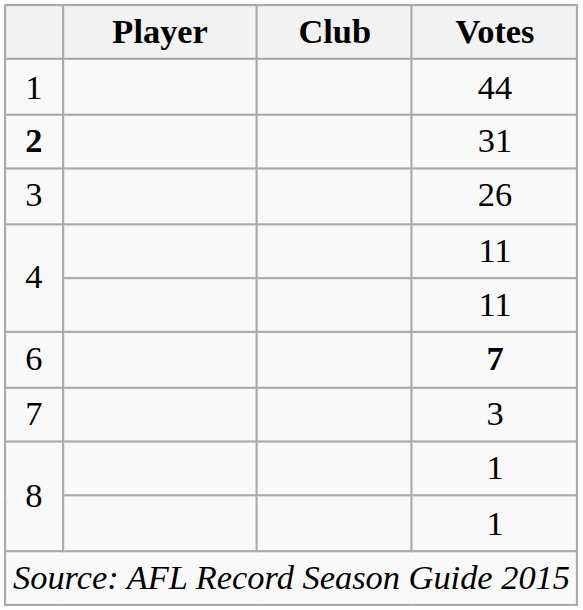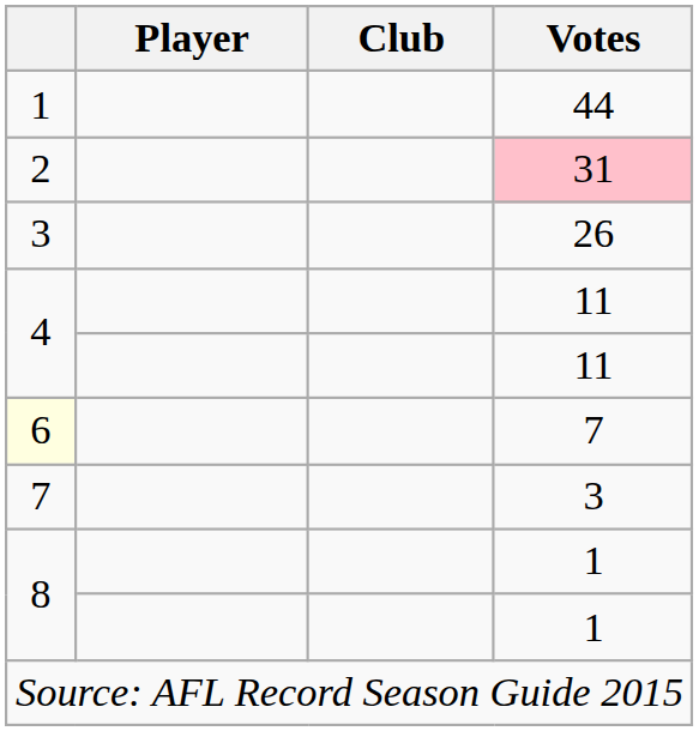 <table class="wikitable sortable" style="text-align:center">
 <tr>
 <th></th>
 <th>Player</th>
 <th>Club</th>
 <th>Votes</th>
 </tr>
 <tr>
 <td>1</td>
 <td></td>
 <td></td>
 <td>44</td>
 </tr>
 <tr>
-<td><strong>2</strong></td>
+<td>2</td>
 <td></td>
 <td></td>
-<td>31</td>
+<td style="background: pink;">31</td>
 </tr>
 <tr>
 <td>3</td>
 <td></td>
 <td></td>
 <td>26</td>
 </tr>
 <tr>
 <td rowspan=2>4</td>
 <td></td>
 <td></td>
 <td>11</td>
 </tr>
 <tr>
 <td></td>
 <td></td>
 <td>11</td>
 </tr>
 <tr>
-<td>6</td>
+<td style="background: lightyellow;">6</td>
 <td></td>
 <td></td>
-<td><strong>7</strong></td>
+<td>7</td>
 </tr>
 <tr>
 <td>7</td>
 <td></td>
 <td></td>
 <td>3</td>
 </tr>
 <tr>
 <td rowspan=2>8</td>
 <td></td>
 <td></td>
 <td>1</td>
 </tr>
 <tr>
 <td></td>
 <td></td>
 <td>1</td>
 </tr>
 <tr class="sortbottom">
 <td colspan=4><em>Source: AFL Record Season Guide 2015</em></td>
 </tr>
 </table>
